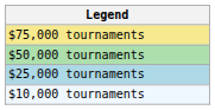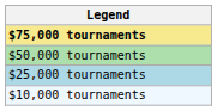 <table class="wikitable" style="font-size:85%; width:15%;">
 <tr>
 <th>Legend</th>
 </tr>
 <tr style="background:#f7e98e;">
-<td>$75,000 tournaments</td>
+<td><strong>$75,000 tournaments</strong></td>
 </tr>
 <tr style="background:#addfad;">
 <td>$50,000 tournaments</td>
 </tr>
 <tr style="background:lightblue;">
 <td>$25,000 tournaments</td>
 </tr>
 <tr style="background:#f0f8ff;">
 <td>$10,000 tournaments</td>
 </tr>
 </table>
